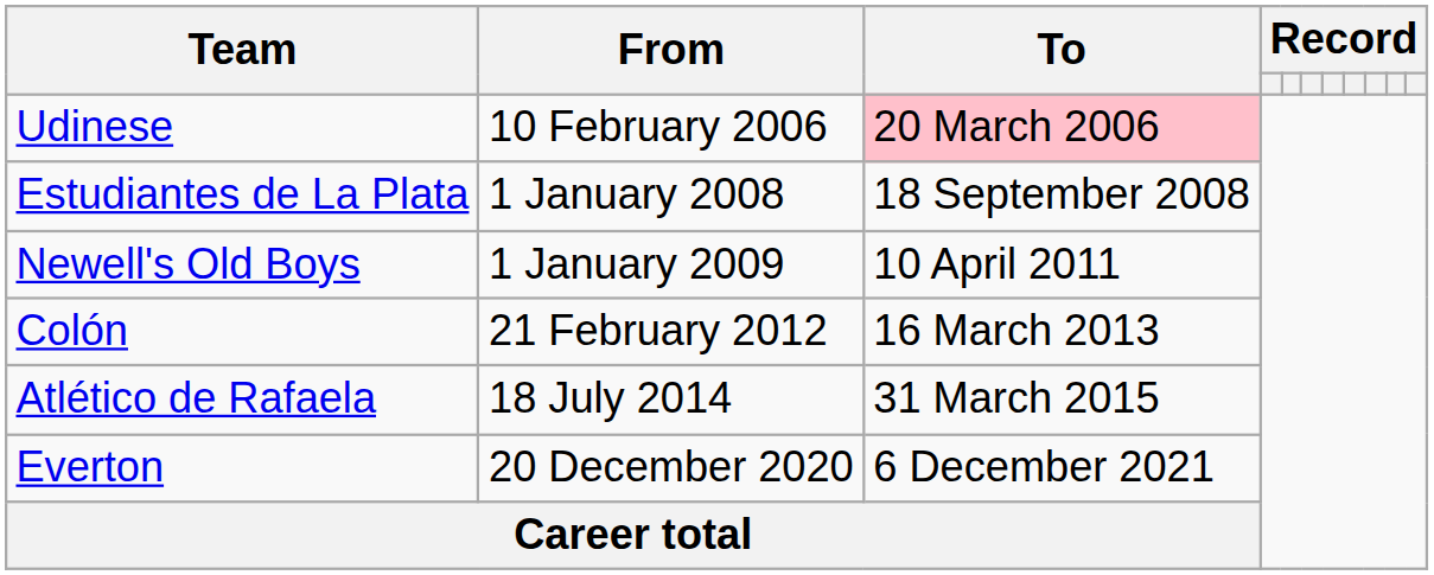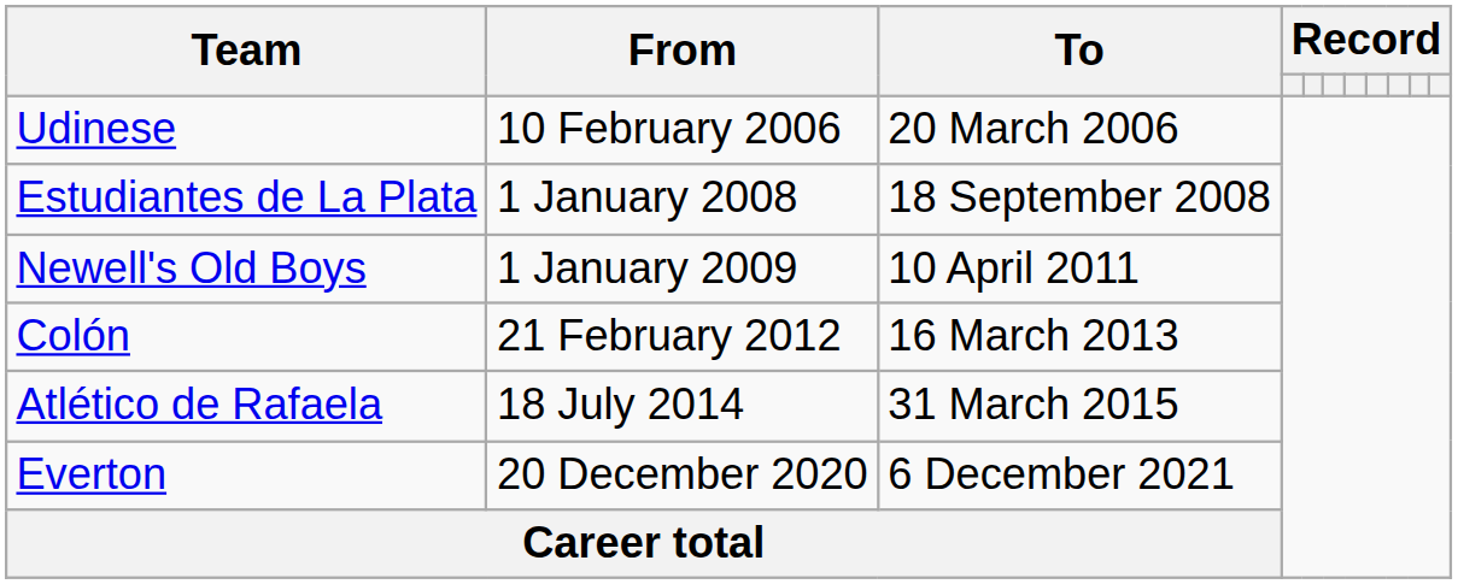 <table class="wikitable" style="text-align:center">
 <tr>
 <th rowspan="2">Team</th>
 <th rowspan="2">From</th>
 <th rowspan="2">To</th>
 <th colspan="8">Record</th>
 </tr>
 <tr>
 <th></th>
 <th></th>
 <th></th>
 <th></th>
 <th></th>
 <th></th>
 <th></th>
 <th></th>
 </tr>
 <tr>
 <td align=left><a href='#'>Udinese</a></td>
 <td align=left>10 February 2006</td>
-<td align=left style="background: pink;">20 March 2006<br></td>
+<td align=left>20 March 2006<br></td>
 </tr>
 <tr>
 <td align=left><a href='#'>Estudiantes de La Plata</a></td>
 <td align=left>1 January 2008</td>
 <td align=left>18 September 2008<br></td>
 </tr>
 <tr>
 <td align=left><a href='#'>Newell's Old Boys</a></td>
 <td align=left>1 January 2009</td>
 <td align=left>10 April 2011<br></td>
 </tr>
 <tr>
 <td align=left><a href='#'>Colón</a></td>
 <td align=left>21 February 2012</td>
 <td align=left>16 March 2013<br></td>
 </tr>
 <tr>
 <td align=left><a href='#'>Atlético de Rafaela</a></td>
 <td align=left>18 July 2014</td>
 <td align=left>31 March 2015<br></td>
 </tr>
 <tr>
 <td align=left><a href='#'>Everton</a></td>
 <td align=left>20 December 2020</td>
 <td align=left>6 December 2021<br></td>
 </tr>
 <tr>
 <th colspan=3>Career total<br></th>
 </tr>
 </table>
